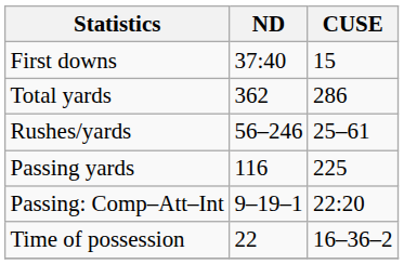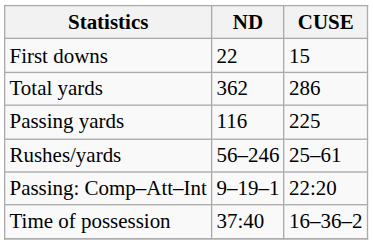 <table class="wikitable" style="float: left;">
 <tr>
 <th>Statistics</th>
 <th>ND</th>
 <th>CUSE</th>
 </tr>
 <tr>
 <td>First downs</td>
-<td>37:40</td>
+<td>22</td>
 <td>15</td>
 </tr>
 <tr>
 <td>Total yards</td>
 <td>362</td>
 <td>286</td>
 </tr>
 <tr>
+<td>Passing yards</td>
+<td>116</td>
+<td>225</td>
+</tr>
+<tr>
 <td>Rushes/yards</td>
 <td>56–246</td>
 <td>25–61</td>
-</tr>
-<tr>
-<td>Passing yards</td>
-<td>116</td>
-<td>225</td>
 </tr>
 <tr>
 <td>Passing: Comp–Att–Int</td>
 <td>9–19–1</td>
 <td>22:20</td>
 </tr>
 <tr>
 <td>Time of possession</td>
-<td>22</td>
+<td>37:40</td>
 <td>16–36–2</td>
 </tr>
 <tr>
 </tr>
 </table>
